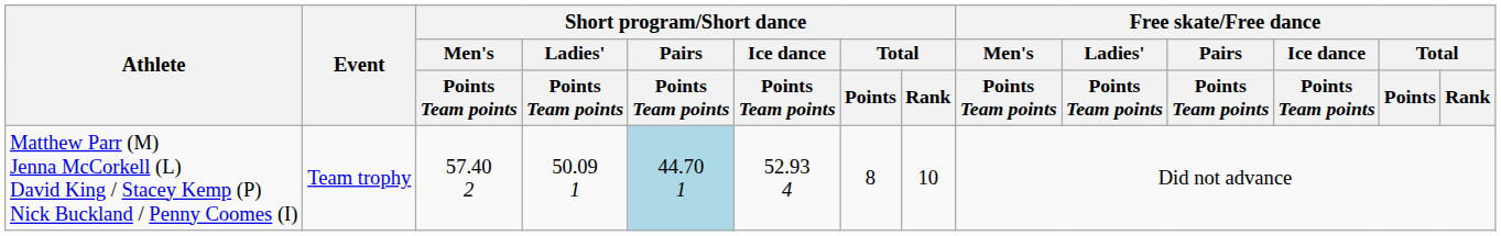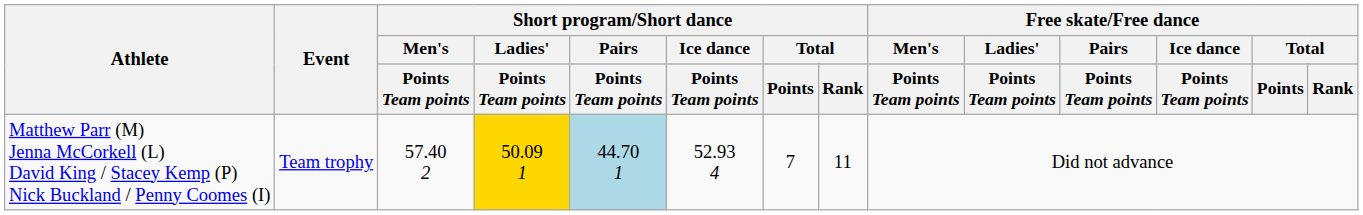 <table class="wikitable" style="font-size:90%">
 <tr>
 <th rowspan=3>Athlete</th>
 <th rowspan=3>Event</th>
 <th colspan=6>Short program/Short dance</th>
 <th colspan=6>Free skate/Free dance</th>
 </tr>
 <tr style="font-size:95%">
 <th>Men's</th>
 <th>Ladies'</th>
 <th>Pairs</th>
 <th>Ice dance</th>
 <th colspan=2>Total</th>
 <th>Men's</th>
 <th>Ladies'</th>
 <th>Pairs</th>
 <th>Ice dance</th>
 <th colspan=2>Total</th>
 </tr>
 <tr style="font-size:95%">
 <th>Points<br><em>Team points</em></th>
 <th>Points<br><em>Team points</em></th>
 <th>Points<br><em>Team points</em></th>
 <th>Points<br><em>Team points</em></th>
 <th>Points</th>
 <th>Rank</th>
 <th>Points<br><em>Team points</em></th>
 <th>Points<br><em>Team points</em></th>
 <th>Points<br><em>Team points</em></th>
 <th>Points<br><em>Team points</em></th>
 <th>Points</th>
 <th>Rank</th>
 </tr>
 <tr align=center>
 <td align=left><a href='#'>Matthew Parr</a> (M)<br><a href='#'>Jenna McCorkell</a> (L)<br><a href='#'>David King</a> / <a href='#'>Stacey Kemp</a> (P)<br><a href='#'>Nick Buckland</a> / <a href='#'>Penny Coomes</a> (I)</td>
 <td align=left><a href='#'>Team trophy</a></td>
 <td>57.40<br><em>2</em></td>
-<td>50.09<br><em>1</em></td>
+<td style="background: gold;">50.09<br><em>1</em></td>
 <td style="background: lightblue;">44.70<br><em>1</em></td>
 <td>52.93<br><em>4</em></td>
-<td>8</td>
-<td>10</td>
+<td>7</td>
+<td>11</td>
 <td colspan=6>Did not advance</td>
 </tr>
 </table>
